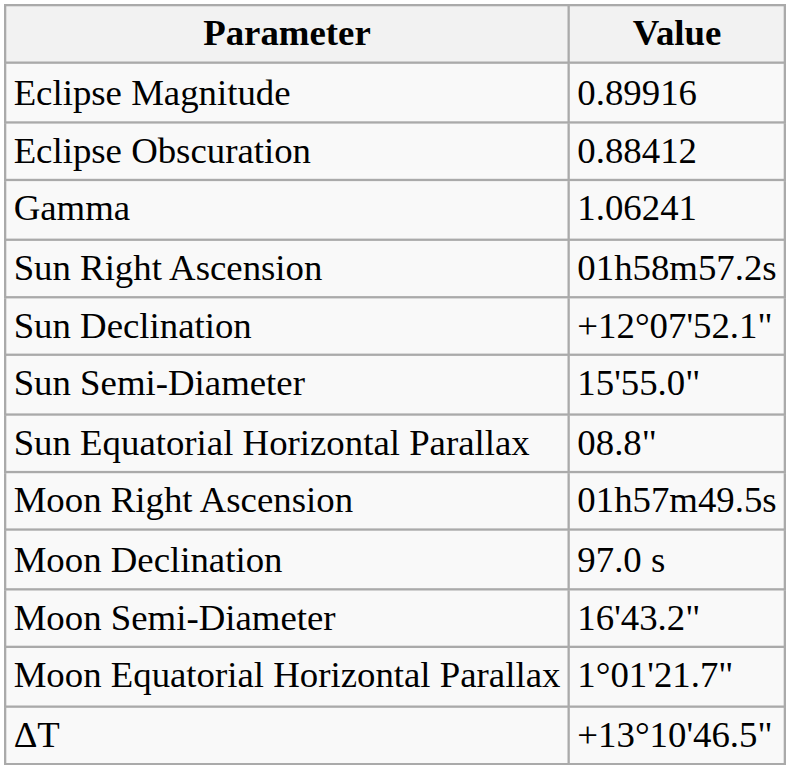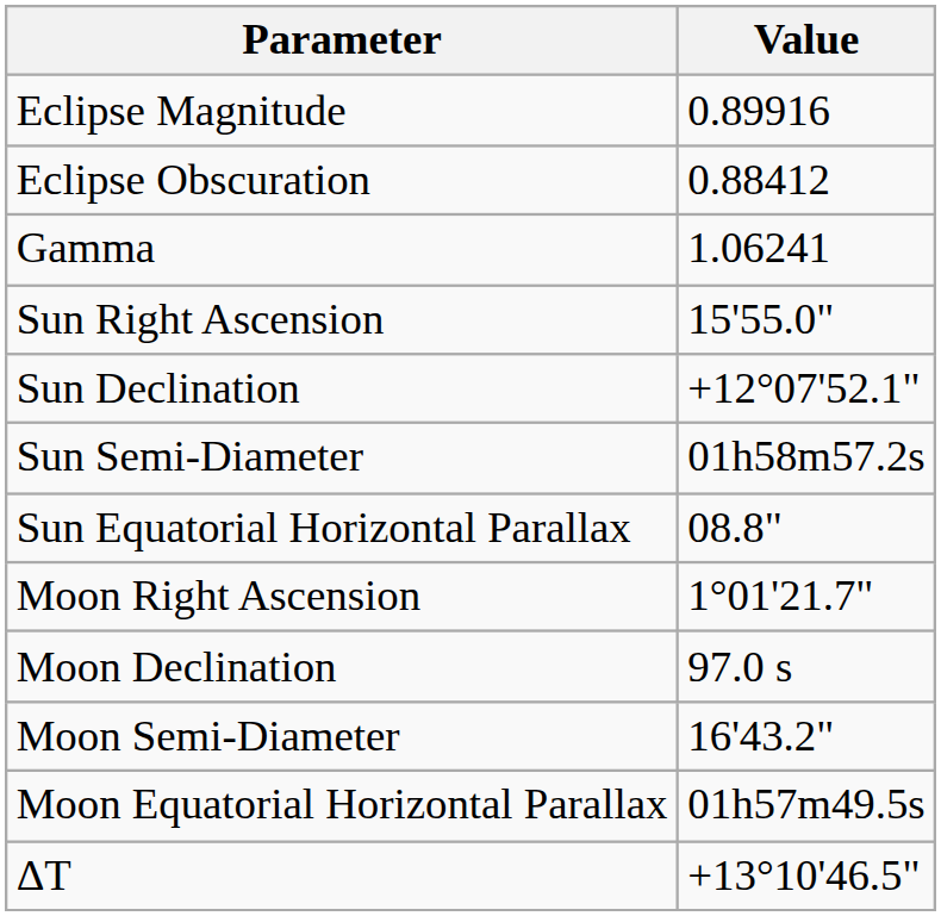 <table class="wikitable">
 <tr>
 <th>Parameter</th>
 <th>Value</th>
 </tr>
 <tr>
 <td>Eclipse Magnitude</td>
 <td>0.89916</td>
 </tr>
 <tr>
 <td>Eclipse Obscuration</td>
 <td>0.88412</td>
 </tr>
 <tr>
 <td>Gamma</td>
 <td>1.06241</td>
 </tr>
 <tr>
 <td>Sun Right Ascension</td>
-<td>01h58m57.2s</td>
+<td>15'55.0"</td>
 </tr>
 <tr>
 <td>Sun Declination</td>
 <td>+12°07'52.1"</td>
 </tr>
 <tr>
 <td>Sun Semi-Diameter</td>
-<td>15'55.0"</td>
+<td>01h58m57.2s</td>
 </tr>
 <tr>
 <td>Sun Equatorial Horizontal Parallax</td>
 <td>08.8"</td>
 </tr>
 <tr>
 <td>Moon Right Ascension</td>
-<td>01h57m49.5s</td>
+<td>1°01'21.7"</td>
 </tr>
 <tr>
 <td>Moon Declination</td>
 <td>97.0 s</td>
 </tr>
 <tr>
 <td>Moon Semi-Diameter</td>
 <td>16'43.2"</td>
 </tr>
 <tr>
 <td>Moon Equatorial Horizontal Parallax</td>
-<td>1°01'21.7"</td>
+<td>01h57m49.5s</td>
 </tr>
 <tr>
 <td>ΔT</td>
 <td>+13°10'46.5"</td>
 </tr>
 </table>
